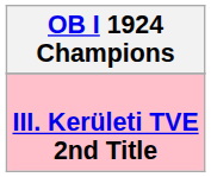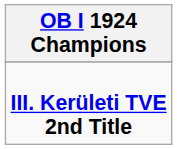 <table class="wikitable" style="text-align: center; margin: 0 auto;">
 <tr>
 <th><a href='#'>OB I</a> 1924<br>Champions</th>
 </tr>
 <tr>
 </tr>
 <tr>
-<td style="background: pink;"><br><strong><a href='#'>III. Kerületi TVE</a></strong><br><strong>2nd Title</strong></td>
+<td><br><strong><a href='#'>III. Kerületi TVE</a></strong><br><strong>2nd Title</strong></td>
 </tr>
 </table>
